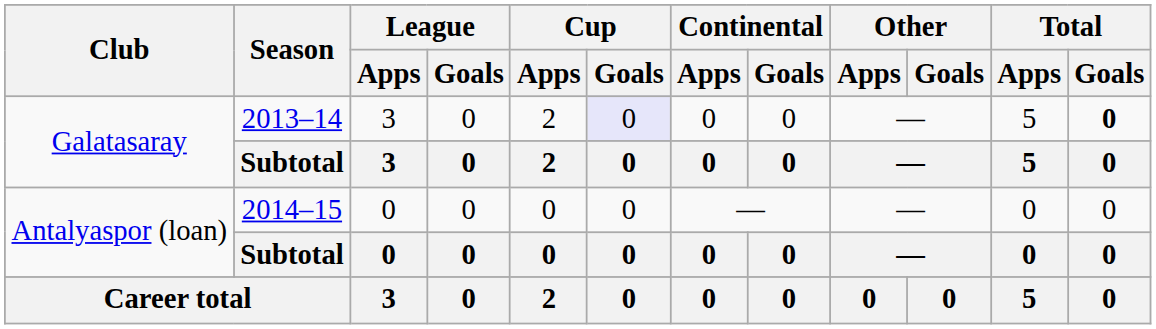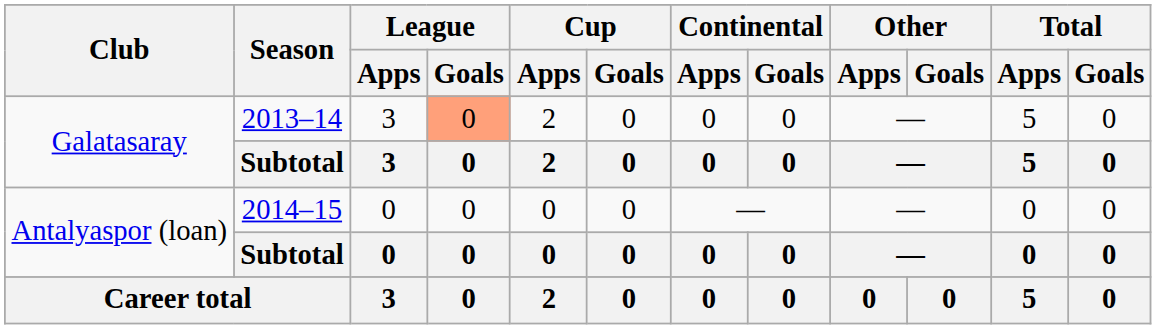 <table class="wikitable" style="text-align: center;">
 <tr>
 <th rowspan="2">Club</th>
 <th rowspan="2">Season</th>
 <th colspan="2">League</th>
 <th colspan="2">Cup</th>
 <th colspan="2">Continental</th>
 <th colspan="2">Other</th>
 <th colspan="2">Total</th>
 </tr>
 <tr>
 <th>Apps</th>
 <th>Goals</th>
 <th>Apps</th>
 <th>Goals</th>
 <th>Apps</th>
 <th>Goals</th>
 <th>Apps</th>
 <th>Goals</th>
 <th>Apps</th>
 <th>Goals</th>
 </tr>
 <tr>
 <td rowspan="2"><a href='#'>Galatasaray</a></td>
 <td><a href='#'>2013–14</a></td>
 <td>3</td>
+<td style="background: lightsalmon;">0</td>
+<td>2</td>
 <td>0</td>
-<td>2</td>
-<td style="background: lavender;">0</td>
 <td>0</td>
 <td>0</td>
 <td colspan="2">—</td>
 <td>5</td>
-<td><strong>0</strong></td>
+<td>0</td>
 </tr>
 <tr>
 <th>Subtotal</th>
 <th>3</th>
 <th>0</th>
 <th>2</th>
 <th>0</th>
 <th>0</th>
 <th>0</th>
 <th colspan="2">—</th>
 <th>5</th>
 <th>0</th>
 </tr>
 <tr>
 <td rowspan="2"><a href='#'>Antalyaspor</a> (loan)</td>
 <td><a href='#'>2014–15</a></td>
 <td>0</td>
 <td>0</td>
 <td>0</td>
 <td>0</td>
 <td colspan="2">—</td>
 <td colspan="2">—</td>
 <td>0</td>
 <td>0</td>
 </tr>
 <tr>
 <th>Subtotal</th>
 <th>0</th>
 <th>0</th>
 <th>0</th>
 <th>0</th>
 <th>0</th>
 <th>0</th>
 <th colspan="2">—</th>
 <th>0</th>
 <th>0</th>
 </tr>
 <tr>
 <th colspan="2"><strong>Career total</strong></th>
 <th>3</th>
 <th>0</th>
 <th>2</th>
 <th>0</th>
 <th>0</th>
 <th>0</th>
 <th>0</th>
 <th>0</th>
 <th>5</th>
 <th>0</th>
 </tr>
 </table>
